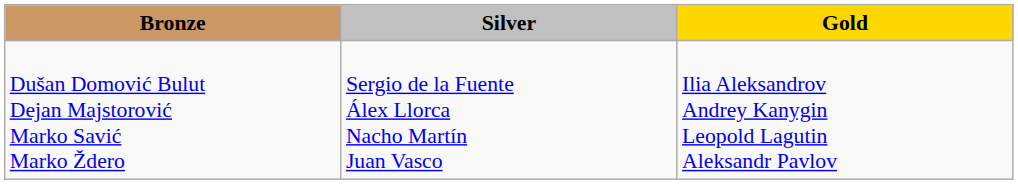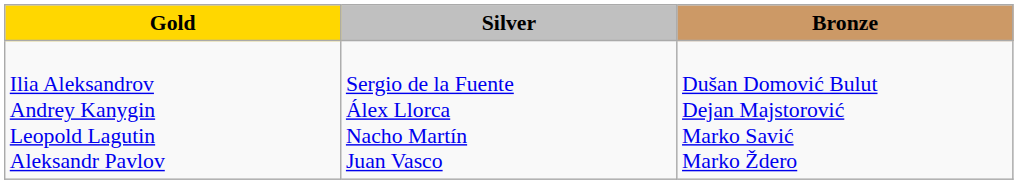 <table class="wikitable" style="font-size:95%;">
 <tr align="center">
+<td style="width: 15em; background: gold"><strong>Gold</strong></td>
+<td style="width: 15em; background: silver"><strong>Silver</strong></td>
 <td style="width: 15em; background: #CC9966"><strong>Bronze</strong></td>
-<td style="width: 15em; background: silver"><strong>Silver</strong></td>
-<td style="width: 15em; background: gold"><strong>Gold</strong></td>
 </tr>
 <tr valign="top">
+<td><br><a href='#'>Ilia Aleksandrov</a><br><a href='#'>Andrey Kanygin</a><br><a href='#'>Leopold Lagutin</a><br><a href='#'>Aleksandr Pavlov</a></td>
+<td><br><a href='#'>Sergio de la Fuente</a><br><a href='#'>Álex Llorca</a><br><a href='#'>Nacho Martín</a><br><a href='#'>Juan Vasco</a></td>
 <td><br><a href='#'>Dušan Domović Bulut</a><br><a href='#'>Dejan Majstorović</a><br><a href='#'>Marko Savić</a><br><a href='#'>Marko Ždero</a></td>
-<td><br><a href='#'>Sergio de la Fuente</a><br><a href='#'>Álex Llorca</a><br><a href='#'>Nacho Martín</a><br><a href='#'>Juan Vasco</a></td>
-<td><br><a href='#'>Ilia Aleksandrov</a><br><a href='#'>Andrey Kanygin</a><br><a href='#'>Leopold Lagutin</a><br><a href='#'>Aleksandr Pavlov</a></td>
 </tr>
 </table>
